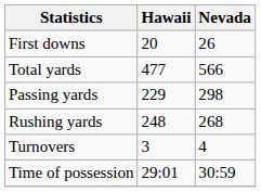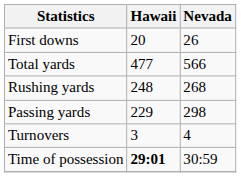 <table class="wikitable">
 <tr>
 <th>Statistics</th>
 <th>Hawaii</th>
 <th>Nevada</th>
 </tr>
 <tr>
 <td>First downs</td>
 <td>20</td>
 <td>26</td>
 </tr>
 <tr>
 <td>Total yards</td>
 <td>477</td>
 <td>566</td>
 </tr>
 <tr>
+<td>Rushing yards</td>
+<td>248</td>
+<td>268</td>
+</tr>
+<tr>
 <td>Passing yards</td>
 <td>229</td>
 <td>298</td>
-</tr>
-<tr>
-<td>Rushing yards</td>
-<td>248</td>
-<td>268</td>
 </tr>
 <tr>
 <td>Turnovers</td>
 <td>3</td>
 <td>4</td>
 </tr>
 <tr>
 <td>Time of possession</td>
-<td>29:01</td>
+<td><strong>29:01</strong></td>
 <td>30:59</td>
 </tr>
 <tr>
 </tr>
 </table>
